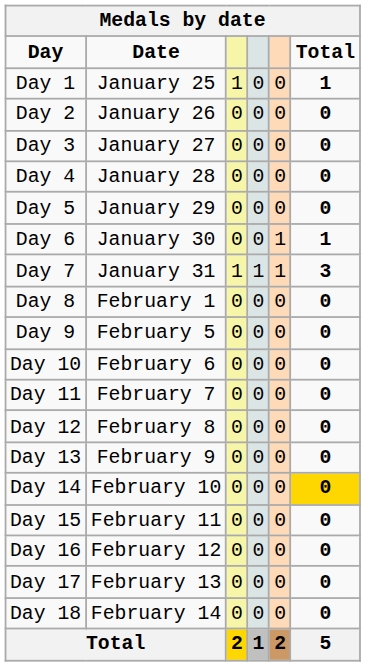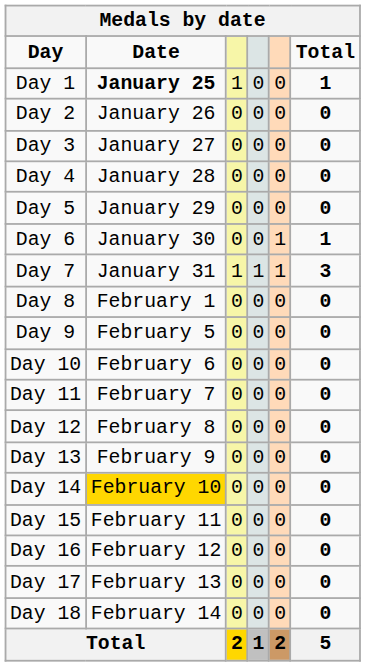 <table class=wikitable style="font-size:85%;float:right;clear:right;">
 <tr bgcolor=efefef>
 <th colspan=6><strong>Medals by date</strong></th>
 </tr>
 <tr align=center>
 <td><strong>Day</strong></td>
 <td><strong>Date</strong></td>
 <td bgcolor=#f7f6a8></td>
 <td bgcolor=#dce5e5></td>
 <td bgcolor=#ffdab9></td>
 <td><strong>Total</strong></td>
 </tr>
 <tr align=center>
 <td>Day 1</td>
-<td>January 25</td>
+<td><strong>January 25</strong></td>
 <td bgcolor=F7F6A8>1</td>
 <td bgcolor=DCE5E5>0</td>
 <td bgcolor=FFDAB9>0</td>
 <td><strong>1</strong></td>
 </tr>
 <tr align=center>
 <td>Day 2</td>
 <td>January 26</td>
 <td bgcolor=F7F6A8>0</td>
 <td bgcolor=DCE5E5>0</td>
 <td bgcolor=FFDAB9>0</td>
 <td><strong>0</strong></td>
 </tr>
 <tr align=center>
 <td>Day 3</td>
 <td>January 27</td>
 <td bgcolor=F7F6A8>0</td>
 <td bgcolor=DCE5E5>0</td>
 <td bgcolor=FFDAB9>0</td>
 <td><strong>0</strong></td>
 </tr>
 <tr align=center>
 <td>Day 4</td>
 <td>January 28</td>
 <td bgcolor=F7F6A8>0</td>
 <td bgcolor=DCE5E5>0</td>
 <td bgcolor=FFDAB9>0</td>
 <td><strong>0</strong></td>
 </tr>
 <tr align=center>
 <td>Day 5</td>
 <td>January 29</td>
 <td bgcolor=F7F6A8>0</td>
 <td bgcolor=DCE5E5>0</td>
 <td bgcolor=FFDAB9>0</td>
 <td><strong>0</strong></td>
 </tr>
 <tr align=center>
 <td>Day 6</td>
 <td>January 30</td>
 <td bgcolor=F7F6A8>0</td>
 <td bgcolor=DCE5E5>0</td>
 <td bgcolor=FFDAB9>1</td>
 <td><strong>1</strong></td>
 </tr>
 <tr align=center>
 <td>Day 7</td>
 <td>January 31</td>
 <td bgcolor=F7F6A8>1</td>
 <td bgcolor=DCE5E5>1</td>
 <td bgcolor=FFDAB9>1</td>
 <td><strong>3</strong></td>
 </tr>
 <tr align=center>
 <td>Day 8</td>
 <td>February 1</td>
 <td bgcolor=F7F6A8>0</td>
 <td bgcolor=DCE5E5>0</td>
 <td bgcolor=FFDAB9>0</td>
 <td><strong>0</strong></td>
 </tr>
 <tr align=center>
 <td>Day 9</td>
 <td>February 5</td>
 <td bgcolor=F7F6A8>0</td>
 <td bgcolor=DCE5E5>0</td>
 <td bgcolor=FFDAB9>0</td>
 <td><strong>0</strong></td>
 </tr>
 <tr align=center>
 <td>Day 10</td>
 <td>February 6</td>
 <td bgcolor=F7F6A8>0</td>
 <td bgcolor=DCE5E5>0</td>
 <td bgcolor=FFDAB9>0</td>
 <td><strong>0</strong></td>
 </tr>
 <tr align=center>
 <td>Day 11</td>
 <td>February 7</td>
 <td bgcolor=F7F6A8>0</td>
 <td bgcolor=DCE5E5>0</td>
 <td bgcolor=FFDAB9>0</td>
 <td><strong>0</strong></td>
 </tr>
 <tr align=center>
 <td>Day 12</td>
 <td>February 8</td>
 <td bgcolor=F7F6A8>0</td>
 <td bgcolor=DCE5E5>0</td>
 <td bgcolor=FFDAB9>0</td>
 <td><strong>0</strong></td>
 </tr>
 <tr align=center>
 <td>Day 13</td>
 <td>February 9</td>
 <td bgcolor=F7F6A8>0</td>
 <td bgcolor=DCE5E5>0</td>
 <td bgcolor=FFDAB9>0</td>
 <td><strong>0</strong></td>
 </tr>
 <tr align=center>
 <td>Day 14</td>
-<td>February 10</td>
+<td style="background: gold;">February 10</td>
 <td bgcolor=F7F6A8>0</td>
 <td bgcolor=DCE5E5>0</td>
 <td bgcolor=FFDAB9>0</td>
-<td style="background: gold;"><strong>0</strong></td>
+<td><strong>0</strong></td>
 </tr>
 <tr align=center>
 <td>Day 15</td>
 <td>February 11</td>
 <td bgcolor=F7F6A8>0</td>
 <td bgcolor=DCE5E5>0</td>
 <td bgcolor=FFDAB9>0</td>
 <td><strong>0</strong></td>
 </tr>
 <tr align=center>
 <td>Day 16</td>
 <td>February 12</td>
 <td bgcolor=F7F6A8>0</td>
 <td bgcolor=DCE5E5>0</td>
 <td bgcolor=FFDAB9>0</td>
 <td><strong>0</strong></td>
 </tr>
 <tr align=center>
 <td>Day 17</td>
 <td>February 13</td>
 <td bgcolor=F7F6A8>0</td>
 <td bgcolor=DCE5E5>0</td>
 <td bgcolor=FFDAB9>0</td>
 <td><strong>0</strong></td>
 </tr>
 <tr align=center>
 <td>Day 18</td>
 <td>February 14</td>
 <td bgcolor=F7F6A8>0</td>
 <td bgcolor=DCE5E5>0</td>
 <td bgcolor=FFDAB9>0</td>
 <td><strong>0</strong></td>
 </tr>
 <tr>
 <th colspan=2><strong>Total</strong></th>
 <th style="background:gold"><strong>2</strong></th>
 <th style="background:silver"><strong>1</strong></th>
 <th style="background:#c96"><strong>2</strong></th>
 <th><strong>5</strong></th>
 </tr>
 </table>
